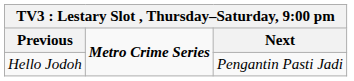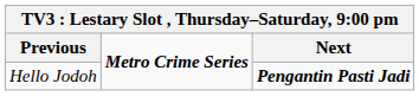 <table class="wikitable">
 <tr>
 <th colspan="3">TV3 : Lestary Slot , Thursday–Saturday, 9:00 pm</th>
 </tr>
 <tr>
 <th>Previous</th>
 <td rowspan="2"><strong><em>Metro Crime Series</em></strong></td>
 <th>Next</th>
 </tr>
 <tr>
 <td><em>Hello</em> <em>Jodoh</em></td>
-<td><em>Pengantin Pasti Jadi</em></td>
+<td><strong><em>Pengantin Pasti Jadi</em></strong></td>
 </tr>
 </table>
